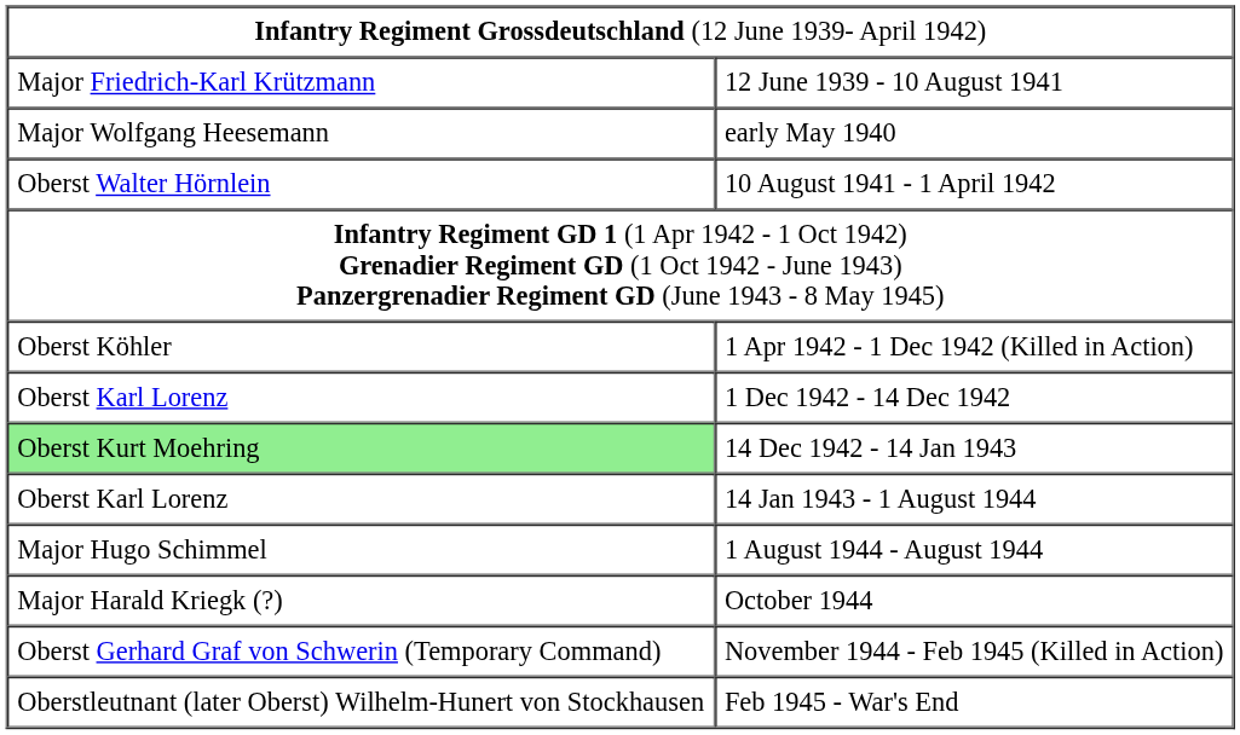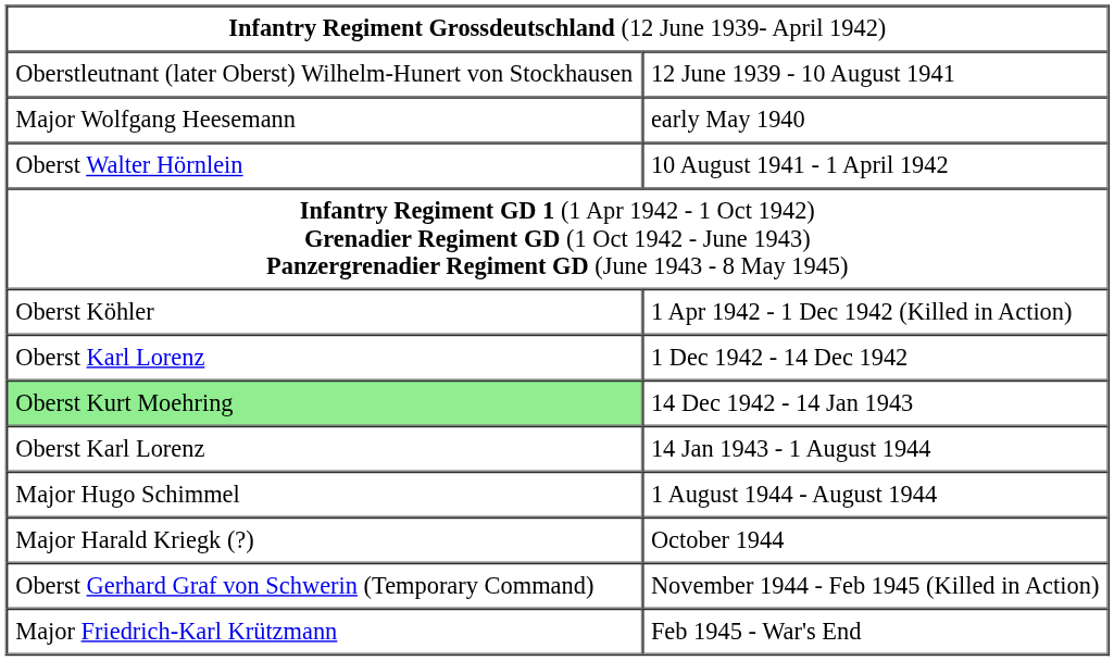 <table align="center" border="1" cellspacing="0" cellpadding="5">
 <tr>
 <td colspan="3" align="center"><strong>Infantry Regiment Grossdeutschland</strong> (12 June 1939- April 1942)</td>
 </tr>
 <tr>
-<td>Major <a href='#'>Friedrich-Karl Krützmann</a></td>
+<td>Oberstleutnant (later Oberst) Wilhelm-Hunert von Stockhausen</td>
 <td>12 June 1939 - 10 August 1941</td>
 </tr>
 <tr>
 <td>Major Wolfgang Heesemann</td>
 <td>early May 1940</td>
 </tr>
 <tr>
 <td>Oberst <a href='#'>Walter Hörnlein</a></td>
 <td>10 August 1941 - 1 April 1942</td>
 </tr>
 <tr>
 <td colspan="3" align="center"><strong>Infantry Regiment GD 1</strong> (1 Apr 1942 - 1 Oct 1942)<br><strong>Grenadier Regiment GD</strong> (1 Oct 1942 - June 1943)<br> <strong>Panzergrenadier Regiment GD</strong> (June 1943 - 8 May 1945)</td>
 </tr>
 <tr>
 <td>Oberst Köhler</td>
 <td>1 Apr 1942 - 1 Dec 1942 (Killed in Action)</td>
 </tr>
 <tr>
 <td>Oberst <a href='#'>Karl Lorenz</a></td>
 <td>1 Dec 1942 - 14 Dec 1942</td>
 </tr>
 <tr>
 <td style="background: lightgreen;">Oberst Kurt Moehring</td>
 <td>14 Dec 1942 - 14 Jan 1943</td>
 </tr>
 <tr>
 <td>Oberst Karl Lorenz</td>
 <td>14 Jan 1943 - 1 August 1944</td>
 </tr>
 <tr>
 <td>Major Hugo Schimmel</td>
 <td>1 August 1944 - August 1944</td>
 </tr>
 <tr>
 <td>Major Harald Kriegk (?)</td>
 <td>October 1944</td>
 </tr>
 <tr>
 <td>Oberst <a href='#'>Gerhard Graf von Schwerin</a> (Temporary Command)</td>
 <td>November 1944 - Feb 1945 (Killed in Action)</td>
 </tr>
 <tr>
-<td>Oberstleutnant (later Oberst) Wilhelm-Hunert von Stockhausen</td>
+<td>Major <a href='#'>Friedrich-Karl Krützmann</a></td>
 <td>Feb 1945 - War's End</td>
 </tr>
 <tr>
 </tr>
 </table>
